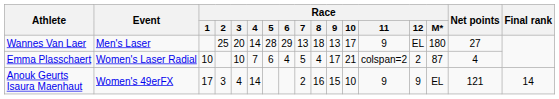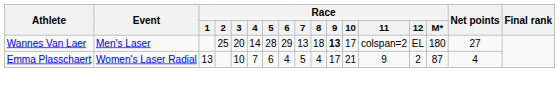 <table class="wikitable" style="font-size:90%">
 <tr>
 <th rowspan="2">Athlete</th>
 <th rowspan="2">Event</th>
 <th colspan=13>Race</th>
 <th rowspan=2>Net points</th>
 <th rowspan=2>Final rank</th>
 </tr>
 <tr style="font-size:95%">
 <th>1</th>
 <th>2</th>
 <th>3</th>
 <th>4</th>
 <th>5</th>
 <th>6</th>
 <th>7</th>
 <th>8</th>
 <th>9</th>
 <th>10</th>
 <th>11</th>
 <th>12</th>
 <th>M*</th>
 </tr>
 <tr align=center>
 <td align=left><a href='#'>Wannes Van Laer</a></td>
 <td align=left><a href='#'>Men's Laser</a></td>
 <td></td>
 <td>25</td>
 <td>20</td>
 <td>14</td>
 <td>28</td>
 <td>29</td>
 <td>13</td>
 <td>18</td>
-<td>13</td>
+<td><strong>13</strong></td>
 <td>17</td>
-<td>9</td>
+<td>colspan=2 </td>
 <td>EL</td>
 <td>180</td>
 <td>27</td>
 </tr>
 <tr align=center>
 <td align=left><a href='#'>Emma Plasschaert</a></td>
 <td align=left><a href='#'>Women's Laser Radial</a></td>
-<td>10</td>
+<td>13</td>
 <td></td>
 <td>10</td>
 <td>7</td>
 <td>6</td>
 <td>4</td>
 <td>5</td>
 <td>4</td>
 <td>17</td>
 <td>21</td>
-<td>colspan=2 </td>
+<td>9</td>
 <td>2</td>
 <td>87</td>
 <td>4</td>
 </tr>
-<tr align=center>
-<td align=left><a href='#'>Anouk Geurts</a><br><a href='#'>Isaura Maenhaut</a></td>
-<td align=left><a href='#'>Women's 49erFX</a></td>
-<td>17</td>
-<td>3</td>
-<td>4</td>
-<td>14</td>
-<td></td>
-<td></td>
-<td>2</td>
-<td>16</td>
-<td>15</td>
-<td>10</td>
-<td>9</td>
-<td>9</td>
-<td>EL</td>
-<td>121</td>
-<td>14</td>
-</tr>
 </table>
